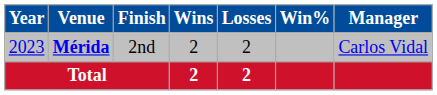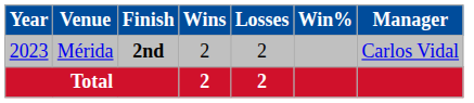 <table class="wikitable sortable plainrowheaders" style="text-align:center;">
 <tr>
 <th scope="col" style="background-color:#004C9B; color:#FFFFFF;">Year</th>
 <th scope="col" style="background-color:#004C9B; color:#FFFFFF;">Venue</th>
 <th scope="col" style="background-color:#004C9B; color:#FFFFFF;">Finish</th>
 <th scope="col" style="background-color:#004C9B; color:#FFFFFF;">Wins</th>
 <th scope="col" style="background-color:#004C9B; color:#FFFFFF;">Losses</th>
 <th scope="col" style="background-color:#004C9B; color:#FFFFFF;">Win%</th>
 <th scope="col" style="background-color:#004C9B; color:#FFFFFF;">Manager</th>
 </tr>
 <tr style="background:silver;">
 <td><a href='#'>2023</a></td>
-<td align=left><strong> <a href='#'>Mérida</a></strong></td>
-<td>2nd</td>
+<td align=left> <a href='#'>Mérida</a></td>
+<td><strong>2nd</strong></td>
 <td>2</td>
 <td>2</td>
 <td></td>
 <td align=left> <a href='#'>Carlos Vidal</a></td>
 </tr>
 <tr>
 </tr>
 <tr style="text-align:center; background-color:#D0112B; color:#FFFFFF;">
 <td colspan="3"><strong>Total</strong></td>
 <td><strong>2</strong></td>
 <td><strong>2</strong></td>
 <td><strong></strong></td>
 <td></td>
 </tr>
 </table>
